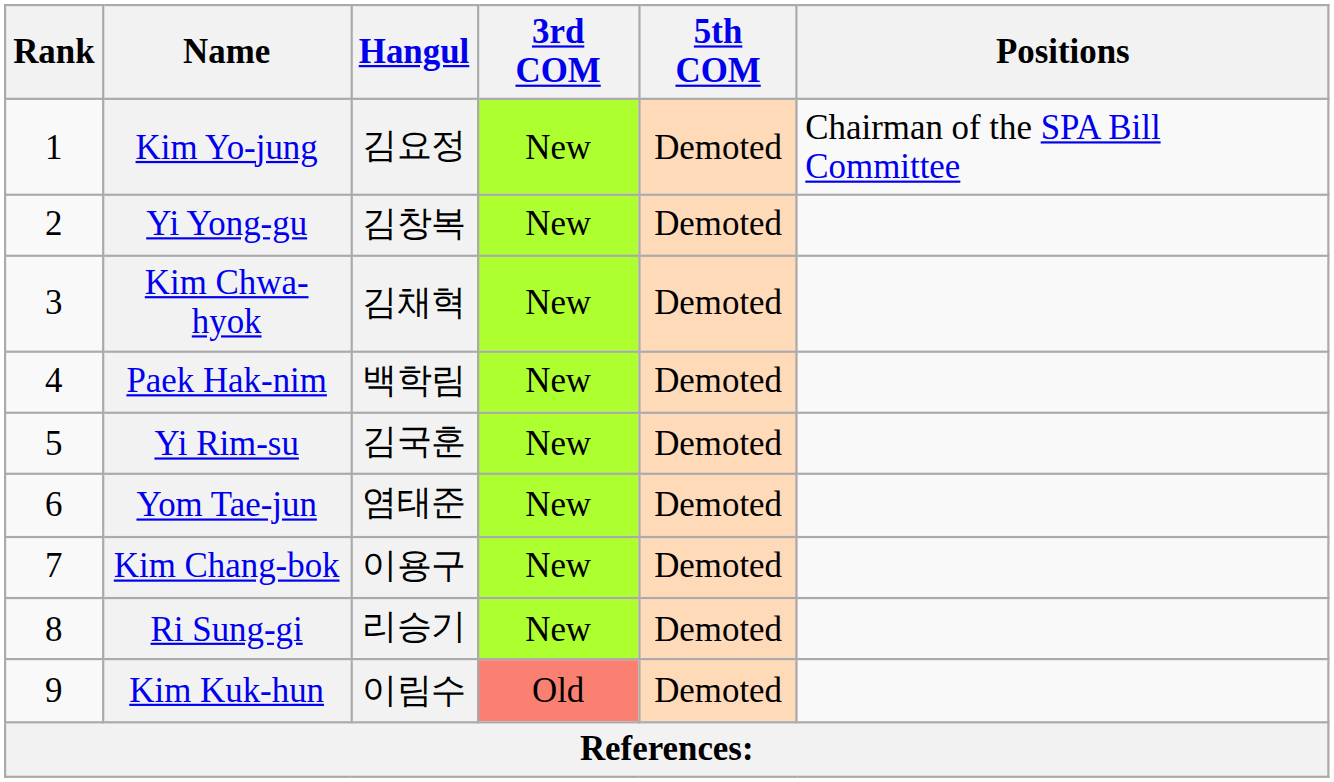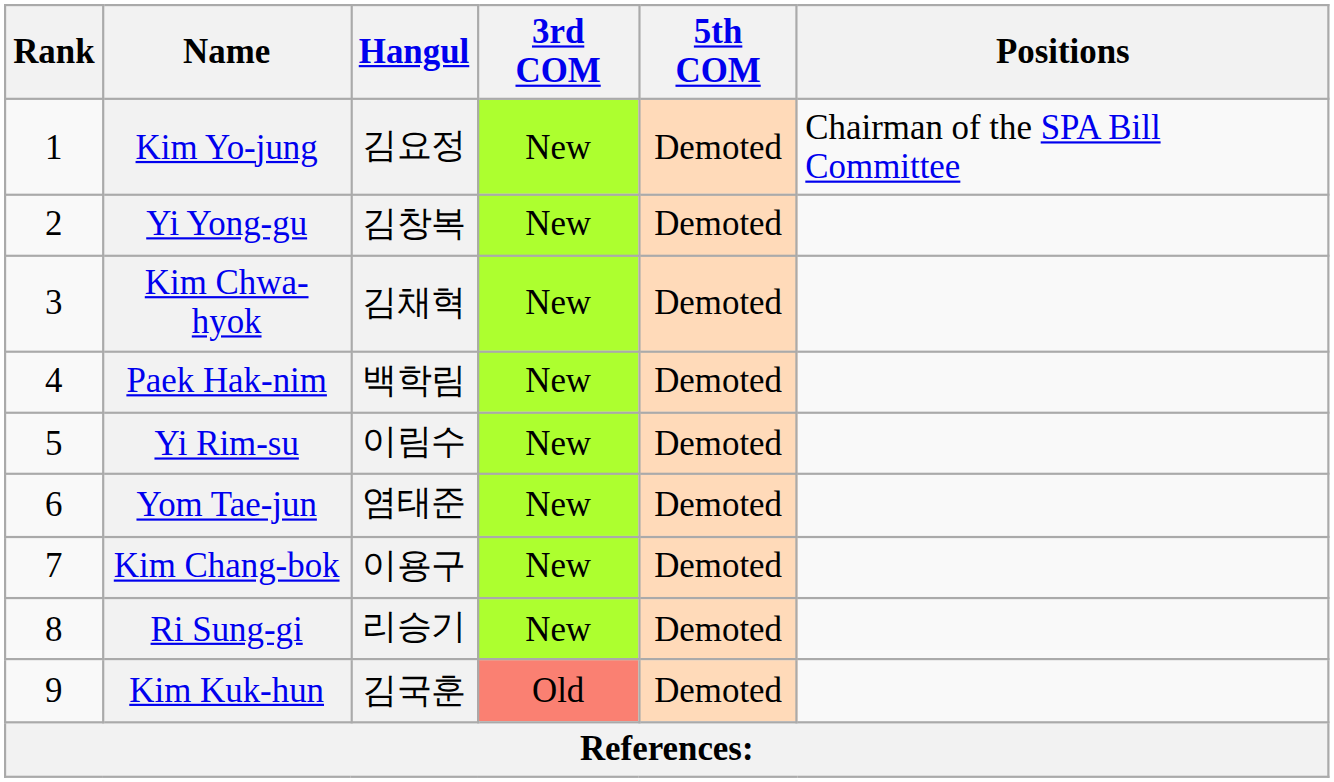 <table class="wikitable sortable">
 <tr>
 <th>Rank</th>
 <th>Name</th>
 <th class="unsortable"><a href='#'>Hangul</a></th>
 <th><a href='#'>3rd COM</a></th>
 <th><a href='#'>5th COM</a></th>
 <th>Positions</th>
 </tr>
 <tr>
 <td align="center">1</td>
 <th align="center" scope="row" style="font-weight:normal;"><a href='#'>Kim Yo-jung</a></th>
 <th align="center" scope="row" style="font-weight:normal;">김요정</th>
 <td align="center" style="background: GreenYellow">New</td>
 <td style="background: PeachPuff" align="center">Demoted</td>
 <td>Chairman of the <a href='#'>SPA Bill Committee</a></td>
 </tr>
 <tr>
 <td align="center">2</td>
 <th align="center" scope="row" style="font-weight:normal;"><a href='#'>Yi Yong-gu</a></th>
 <th align="center" scope="row" style="font-weight:normal;">김창복</th>
 <td align="center" style="background: GreenYellow">New</td>
 <td style="background: PeachPuff" align="center">Demoted</td>
 <td></td>
 </tr>
 <tr>
 <td align="center">3</td>
 <th align="center" scope="row" style="font-weight:normal;"><a href='#'>Kim Chwa-hyok</a></th>
 <th align="center" scope="row" style="font-weight:normal;">김채혁</th>
 <td align="center" style="background: GreenYellow">New</td>
 <td style="background: PeachPuff" align="center">Demoted</td>
 <td></td>
 </tr>
 <tr>
 <td align="center">4</td>
 <th align="center" scope="row" style="font-weight:normal;"><a href='#'>Paek Hak-nim</a></th>
 <th align="center" scope="row" style="font-weight:normal;">백학림</th>
 <td align="center" style="background: GreenYellow">New</td>
 <td style="background: PeachPuff" align="center">Demoted</td>
 <td></td>
 </tr>
 <tr>
 <td align="center">5</td>
 <th align="center" scope="row" style="font-weight:normal;"><a href='#'>Yi Rim-su</a></th>
-<th align="center" scope="row" style="font-weight:normal;">김국훈</th>
+<th align="center" scope="row" style="font-weight:normal;">이림수</th>
 <td align="center" style="background: GreenYellow">New</td>
 <td style="background: PeachPuff" align="center">Demoted</td>
 <td></td>
 </tr>
 <tr>
 <td align="center">6</td>
 <th align="center" scope="row" style="font-weight:normal;"><a href='#'>Yom Tae-jun</a></th>
 <th align="center" scope="row" style="font-weight:normal;">염태준</th>
 <td align="center" style="background: GreenYellow">New</td>
 <td style="background: PeachPuff" align="center">Demoted</td>
 <td></td>
 </tr>
 <tr>
 <td align="center">7</td>
 <th align="center" scope="row" style="font-weight:normal;"><a href='#'>Kim Chang-bok</a></th>
 <th align="center" scope="row" style="font-weight:normal;">이용구</th>
 <td align="center" style="background: GreenYellow">New</td>
 <td style="background: PeachPuff" align="center">Demoted</td>
 <td></td>
 </tr>
 <tr>
 <td align="center">8</td>
 <th align="center" scope="row" style="font-weight:normal;"><a href='#'>Ri Sung-gi</a></th>
 <th align="center" scope="row" style="font-weight:normal;">리승기</th>
 <td align="center" style="background: GreenYellow">New</td>
 <td style="background: PeachPuff" align="center">Demoted</td>
 <td></td>
 </tr>
 <tr>
 <td align="center">9</td>
 <th align="center" scope="row" style="font-weight:normal;"><a href='#'>Kim Kuk-hun</a></th>
-<th align="center" scope="row" style="font-weight:normal;">이림수</th>
+<th align="center" scope="row" style="font-weight:normal;">김국훈</th>
 <td style="background: Salmon" align="center">Old</td>
 <td style="background: PeachPuff" align="center">Demoted</td>
 <td></td>
 </tr>
 <tr>
 <th colspan="6" unsortable><strong>References:</strong><br></th>
 </tr>
 </table>
